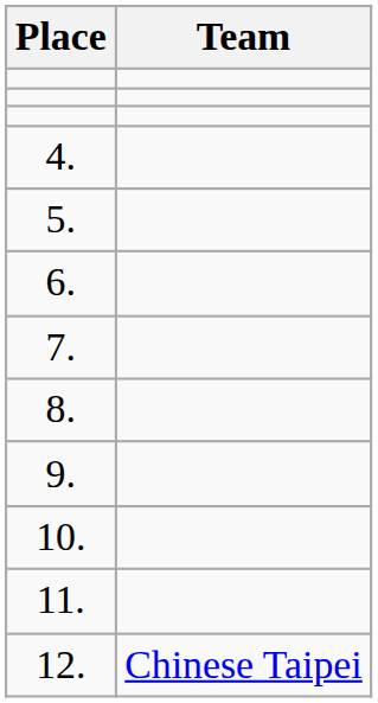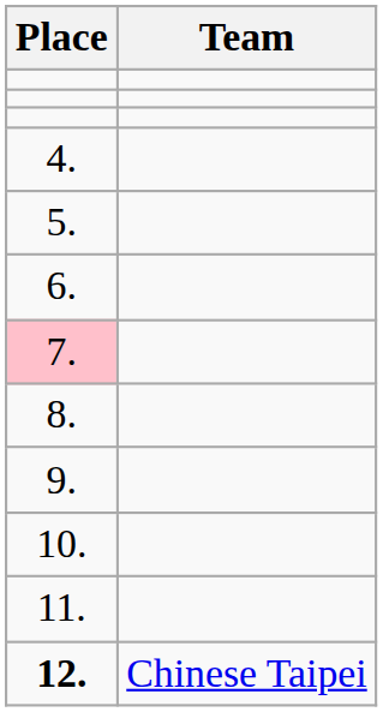 <table class="wikitable" style="text-align: center;">
 <tr>
 <th>Place</th>
 <th>Team</th>
 </tr>
 <tr>
 <td></td>
 <td style="text-align:left;"></td>
 </tr>
 <tr>
 <td></td>
 <td style="text-align:left;"></td>
 </tr>
 <tr>
 <td></td>
 <td style="text-align:left;"></td>
 </tr>
 <tr>
 <td>4.</td>
 <td style="text-align:left;"></td>
 </tr>
 <tr>
 <td>5.</td>
 <td style="text-align:left;"></td>
 </tr>
 <tr>
 <td>6.</td>
 <td style="text-align:left;"></td>
 </tr>
 <tr>
-<td>7.</td>
+<td style="background: pink;">7.</td>
 <td style="text-align:left;"></td>
 </tr>
 <tr>
 <td>8.</td>
 <td style="text-align:left;"></td>
 </tr>
 <tr>
 <td>9.</td>
 <td style="text-align:left;"></td>
 </tr>
 <tr>
 <td>10.</td>
 <td style="text-align:left;"></td>
 </tr>
 <tr>
 <td>11.</td>
 <td style="text-align:left;"></td>
 </tr>
 <tr>
-<td>12.</td>
+<td><strong>12.</strong></td>
 <td style="text-align:left;"> <a href='#'>Chinese Taipei</a></td>
 </tr>
 </table>
